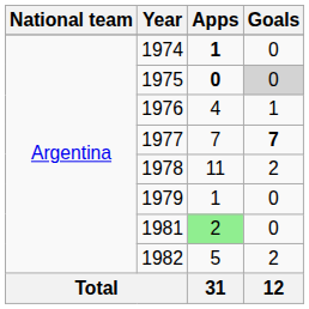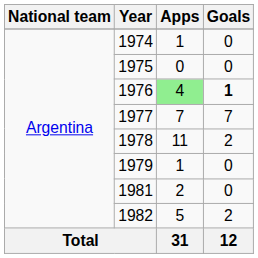 <table class="wikitable" style="text-align:center">
 <tr>
 <th>National team</th>
 <th>Year</th>
 <th>Apps</th>
 <th>Goals</th>
 </tr>
 <tr>
 </tr>
 <tr>
 <td rowspan="8"><a href='#'>Argentina</a></td>
 <td>1974</td>
-<td><strong>1</strong></td>
+<td>1</td>
 <td>0</td>
 </tr>
 <tr>
 <td>1975</td>
-<td><strong>0</strong></td>
-<td style="background: lightgrey;">0</td>
+<td>0</td>
+<td>0</td>
 </tr>
 <tr>
 <td>1976</td>
-<td>4</td>
-<td>1</td>
+<td style="background: lightgreen;">4</td>
+<td><strong>1</strong></td>
 </tr>
 <tr>
 <td>1977</td>
 <td>7</td>
-<td><strong>7</strong></td>
+<td>7</td>
 </tr>
 <tr>
 <td>1978</td>
 <td>11</td>
 <td>2</td>
 </tr>
 <tr>
 <td>1979</td>
 <td>1</td>
 <td>0</td>
 </tr>
 <tr>
 <td>1981</td>
-<td style="background: lightgreen;">2</td>
+<td>2</td>
 <td>0</td>
 </tr>
 <tr>
 <td>1982</td>
 <td>5</td>
 <td>2</td>
 </tr>
 <tr>
 <th colspan="2">Total</th>
 <th>31</th>
 <th>12</th>
 </tr>
 </table>
